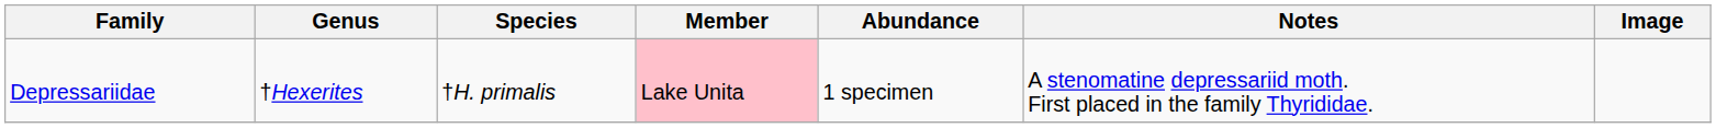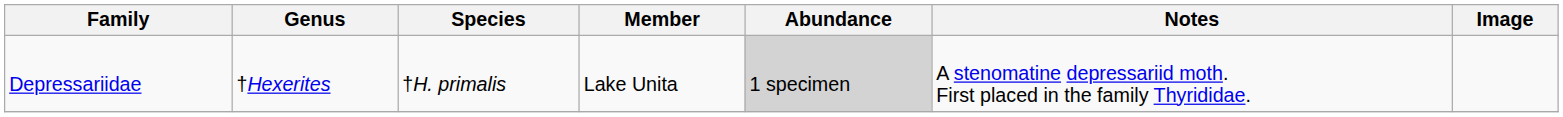 <table class="wikitable" style="margin:auto;width:100%;">
 <tr>
 <th>Family</th>
 <th>Genus</th>
 <th>Species</th>
 <th>Member</th>
 <th>Abundance</th>
 <th>Notes</th>
 <th>Image</th>
 </tr>
 <tr>
 <td><br><a href='#'>Depressariidae</a></td>
 <td><br>†<em><a href='#'>Hexerites</a></em></td>
 <td><br>†<em>H. primalis</em> </td>
-<td style="background: pink;"><br>Lake Unita</td>
-<td><br>1 specimen</td>
+<td><br>Lake Unita</td>
+<td style="background: lightgrey;"><br>1 specimen</td>
 <td><br>A <a href='#'>stenomatine</a> <a href='#'>depressariid moth</a>.<br>First placed in the family <a href='#'>Thyrididae</a>.</td>
 <td></td>
 </tr>
 <tr>
 </tr>
 </table>
